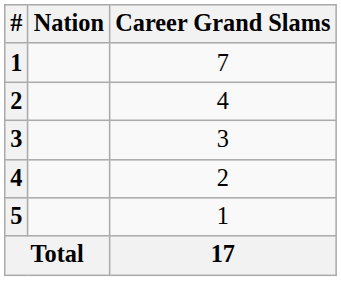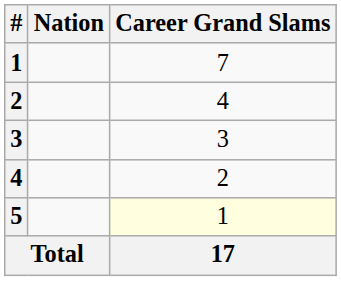 <table class="wikitable sortable" style="text-align: center;">
 <tr>
 <th>#</th>
 <th>Nation</th>
 <th>Career Grand Slams</th>
 </tr>
 <tr>
 <th>1</th>
 <td></td>
 <td>7</td>
 </tr>
 <tr>
 <th>2</th>
 <td></td>
 <td>4</td>
 </tr>
 <tr>
 <th>3</th>
 <td></td>
 <td>3</td>
 </tr>
 <tr>
 <th>4</th>
 <td></td>
 <td>2</td>
 </tr>
 <tr>
 <th>5</th>
 <td></td>
-<td>1</td>
+<td style="background: lightyellow;">1</td>
 </tr>
 <tr class="sortbottom">
 <th colspan="2">Total</th>
 <th>17</th>
 </tr>
 </table>
